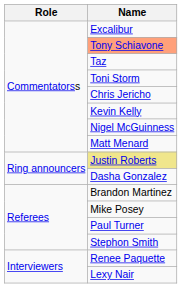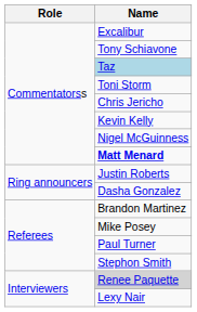 <table class=wikitable style="font-size:90%; margin: 0.5em 0 0.5em 1em; float: right; clear: right;">
 <tr>
 <th>Role</th>
 <th>Name</th>
 </tr>
 <tr>
 <td rowspan=8><a href='#'>Commentators</a>s</td>
 <td><a href='#'>Excalibur</a> </td>
 </tr>
 <tr>
-<td style="background: lightsalmon;"><a href='#'>Tony Schiavone</a> </td>
+<td><a href='#'>Tony Schiavone</a> </td>
 </tr>
 <tr>
-<td><a href='#'>Taz</a> </td>
+<td style="background: lightblue;"><a href='#'>Taz</a> </td>
 </tr>
 <tr>
 <td><a href='#'>Toni Storm</a> </td>
 </tr>
 <tr>
 <td><a href='#'>Chris Jericho</a> </td>
 </tr>
 <tr>
 <td><a href='#'>Kevin Kelly</a> </td>
 </tr>
 <tr>
 <td><a href='#'>Nigel McGuinness</a> </td>
 </tr>
 <tr>
-<td><a href='#'>Matt Menard</a> </td>
+<td><strong><a href='#'>Matt Menard</a> </strong></td>
 </tr>
 <tr>
 <td rowspan=2><a href='#'>Ring announcers</a></td>
-<td style="background: khaki;"><a href='#'>Justin Roberts</a> </td>
+<td><a href='#'>Justin Roberts</a> </td>
 </tr>
 <tr>
 <td><a href='#'>Dasha Gonzalez</a> </td>
 </tr>
 <tr>
 <td rowspan=4><a href='#'>Referees</a></td>
 <td>Brandon Martinez</td>
 </tr>
 <tr>
 <td>Mike Posey</td>
 </tr>
 <tr>
 <td><a href='#'>Paul Turner</a></td>
 </tr>
 <tr>
 <td><a href='#'>Stephon Smith</a></td>
 </tr>
 <tr>
 <td rowspan=2><a href='#'>Interviewers</a></td>
-<td><a href='#'>Renee Paquette</a> </td>
+<td style="background: lightgrey;"><a href='#'>Renee Paquette</a> </td>
 </tr>
 <tr>
 <td><a href='#'>Lexy Nair</a> </td>
 </tr>
 </table>
